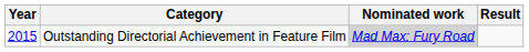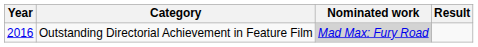 <table class="wikitable">
 <tr>
 <th>Year</th>
 <th>Category</th>
 <th>Nominated work</th>
 <th>Result</th>
 </tr>
 <tr>
-<td><a href='#'>2015</a></td>
+<td><a href='#'>2016</a></td>
 <td>Outstanding Directorial Achievement in Feature Film</td>
 <td style="background: lightgrey;"><em><a href='#'>Mad Max: Fury Road</a></em></td>
 <td></td>
 </tr>
 </table>
